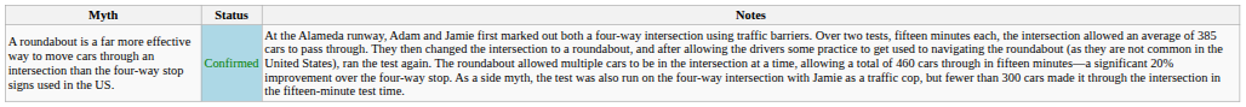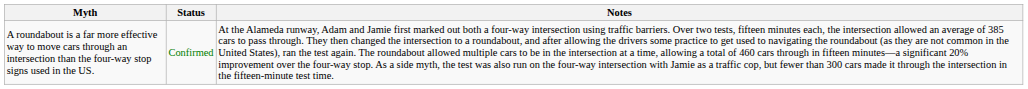 <table class="wikitable plainrowheaders">
 <tr>
 <th scope"col">Myth</th>
 <th scope"col">Status</th>
 <th scope"col">Notes</th>
 </tr>
 <tr>
 <td scope"row">A roundabout is a far more effective way to move cars through an intersection than the four-way stop signs used in the US.</td>
-<td style="background: lightblue; color:green">Confirmed</td>
+<td style="color:green">Confirmed</td>
 <td>At the Alameda runway, Adam and Jamie first marked out both a four-way intersection using traffic barriers.  Over two tests, fifteen minutes each, the intersection allowed an average of 385 cars to pass through.  They then changed the intersection to a roundabout, and after allowing the drivers some practice to get used to navigating the roundabout (as they are not common in the United States), ran the test again.  The roundabout allowed multiple cars to be in the intersection at a time, allowing a total of 460 cars through in fifteen minutes—a significant 20% improvement over the four-way stop.  As a side myth, the test was also run on the four-way intersection with Jamie as a traffic cop, but fewer than 300 cars made it through the intersection in the fifteen-minute test time.</td>
 </tr>
 </table>
